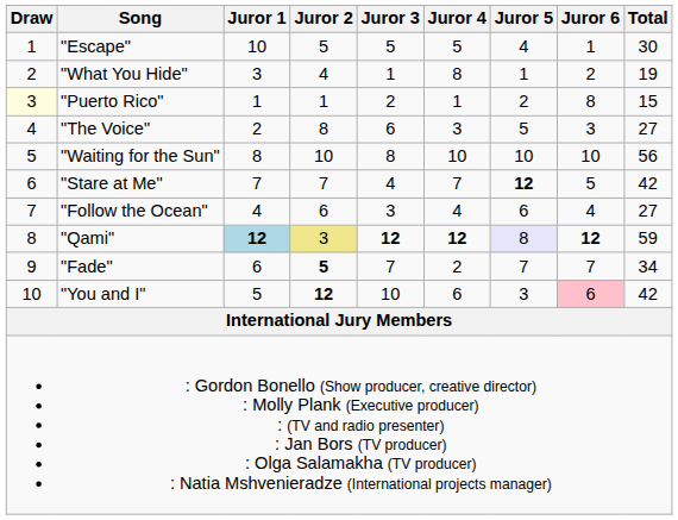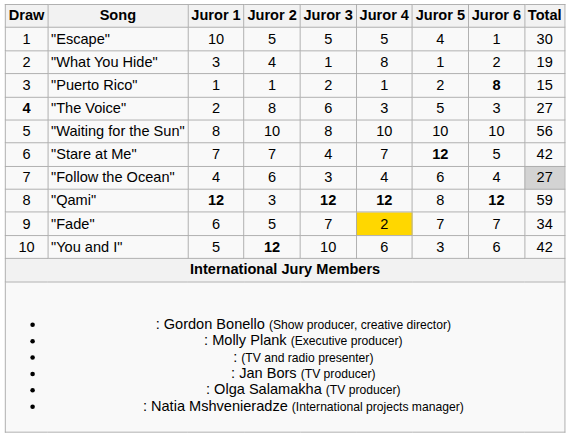 <table class="wikitable collapsible" style="margin: 1em auto 1em auto; text-align:center;">
 <tr>
 <th>Draw</th>
 <th>Song</th>
 <th>Juror 1</th>
 <th>Juror 2</th>
 <th>Juror 3</th>
 <th>Juror 4</th>
 <th>Juror 5</th>
 <th>Juror 6</th>
 <th>Total</th>
 </tr>
 <tr>
 <td>1</td>
 <td align="left">"Escape"</td>
 <td>10</td>
 <td>5</td>
 <td>5</td>
 <td>5</td>
 <td>4</td>
 <td>1</td>
 <td>30</td>
 </tr>
 <tr>
 <td>2</td>
 <td align="left">"What You Hide"</td>
 <td>3</td>
 <td>4</td>
 <td>1</td>
 <td>8</td>
 <td>1</td>
 <td>2</td>
 <td>19</td>
 </tr>
 <tr>
-<td style="background: lightyellow;">3</td>
+<td>3</td>
 <td align="left">"Puerto Rico"</td>
 <td>1</td>
 <td>1</td>
 <td>2</td>
 <td>1</td>
 <td>2</td>
-<td>8</td>
+<td><strong>8</strong></td>
 <td>15</td>
 </tr>
 <tr>
-<td>4</td>
+<td><strong>4</strong></td>
 <td align="left">"The Voice"</td>
 <td>2</td>
 <td>8</td>
 <td>6</td>
 <td>3</td>
 <td>5</td>
 <td>3</td>
 <td>27</td>
 </tr>
 <tr>
 <td>5</td>
 <td align="left">"Waiting for the Sun"</td>
 <td>8</td>
 <td>10</td>
 <td>8</td>
 <td>10</td>
 <td>10</td>
 <td>10</td>
 <td>56</td>
 </tr>
 <tr>
 <td>6</td>
 <td align="left">"Stare at Me"</td>
 <td>7</td>
 <td>7</td>
 <td>4</td>
 <td>7</td>
 <td><strong>12</strong></td>
 <td>5</td>
 <td>42</td>
 </tr>
 <tr>
 <td>7</td>
 <td align="left">"Follow the Ocean"</td>
 <td>4</td>
 <td>6</td>
 <td>3</td>
 <td>4</td>
 <td>6</td>
 <td>4</td>
-<td>27</td>
+<td style="background: lightgrey;">27</td>
 </tr>
 <tr>
 <td>8</td>
 <td align="left">"Qami"</td>
-<td style="background: lightblue;"><strong>12</strong></td>
-<td style="background: khaki;">3</td>
+<td><strong>12</strong></td>
+<td>3</td>
 <td><strong>12</strong></td>
 <td><strong>12</strong></td>
-<td style="background: lavender;">8</td>
+<td>8</td>
 <td><strong>12</strong></td>
 <td>59</td>
 </tr>
 <tr>
 <td>9</td>
 <td align="left">"Fade"</td>
 <td>6</td>
-<td><strong>5</strong></td>
+<td>5</td>
 <td>7</td>
-<td>2</td>
+<td style="background: gold;">2</td>
 <td>7</td>
 <td>7</td>
 <td>34</td>
 </tr>
 <tr>
 <td>10</td>
 <td align="left">"You and I"</td>
 <td>5</td>
 <td><strong>12</strong></td>
 <td>10</td>
 <td>6</td>
 <td>3</td>
-<td style="background: pink;">6</td>
+<td>6</td>
 <td>42</td>
 </tr>
 <tr>
 <th colspan="9">International Jury Members</th>
 </tr>
 <tr>
 <td colspan="9"><br><ul><li>: Gordon Bonello <small>(Show producer, creative director)</small></li><li>: Molly Plank <small>(Executive producer)</small></li><li>:  <small>(TV and radio presenter)</small></li><li>: Jan Bors <small>(TV producer)</small></li><li>: Olga Salamakha <small>(TV producer)</small></li><li>: Natia Mshvenieradze <small>(International projects manager)</small></li></ul></td>
 </tr>
 </table>
